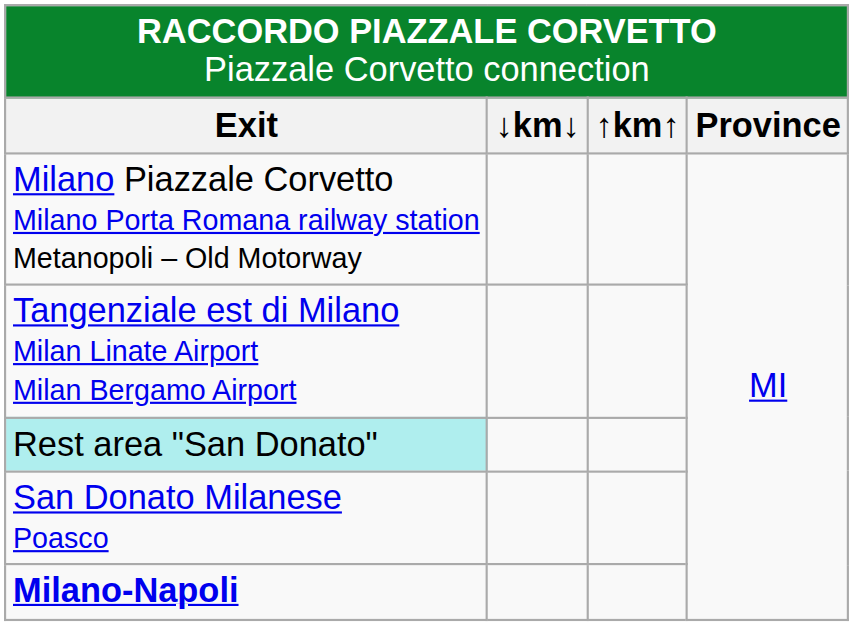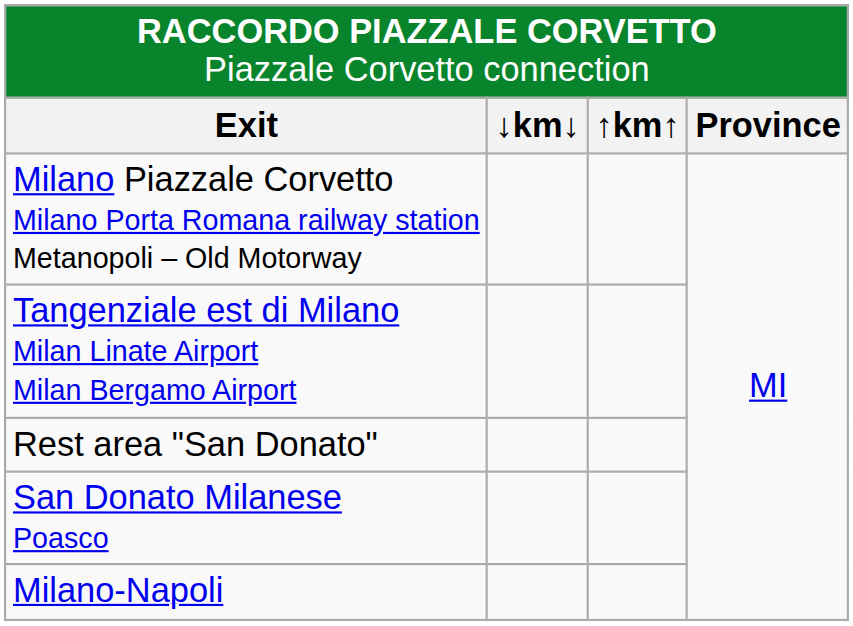 <table class="wikitable">
 <tr>
 </tr>
 <tr align="center" style="color: white;font-size:100%;" bgcolor="#08842c">
 <td colspan="6"> <strong>RACCORDO PIAZZALE CORVETTO</strong><br>Piazzale Corvetto connection</td>
 </tr>
 <tr>
 <th><strong>Exit</strong></th>
 <th align="center"><strong>↓km↓</strong></th>
 <th align="center"><strong>↑km↑</strong></th>
 <th align="center"><strong>Province</strong></th>
 </tr>
 <tr>
 <td>  <a href='#'>Milano</a> Piazzale Corvetto<br><small> <a href='#'>Milano Porta Romana railway station</a> </small><br><small>Metanopoli – Old Motorway</small></td>
 <td></td>
 <td></td>
 <td align="center" rowspan="5"><a href='#'>MI</a></td>
 </tr>
 <tr>
 <td>  <a href='#'>Tangenziale est di Milano</a><br><small> <a href='#'>Milan Linate Airport</a></small><br><small> <a href='#'>Milan Bergamo Airport</a></small></td>
 <td align="right"></td>
 <td align="right"></td>
 </tr>
 <tr>
-<td style="background: paleturquoise;"> Rest area "San Donato"</td>
+<td> Rest area "San Donato"</td>
 <td align="right"></td>
 <td align="right"></td>
 </tr>
 <tr>
 <td> <a href='#'>San Donato Milanese</a><br><small><a href='#'>Poasco</a></small></td>
 <td align="right"></td>
 <td align="right"></td>
 </tr>
 <tr>
-<td><strong>   <a href='#'>Milano-Napoli</a></strong></td>
+<td>   <a href='#'>Milano-Napoli</a></td>
 <td align="right"></td>
 <td align="right"></td>
 </tr>
 </table>
